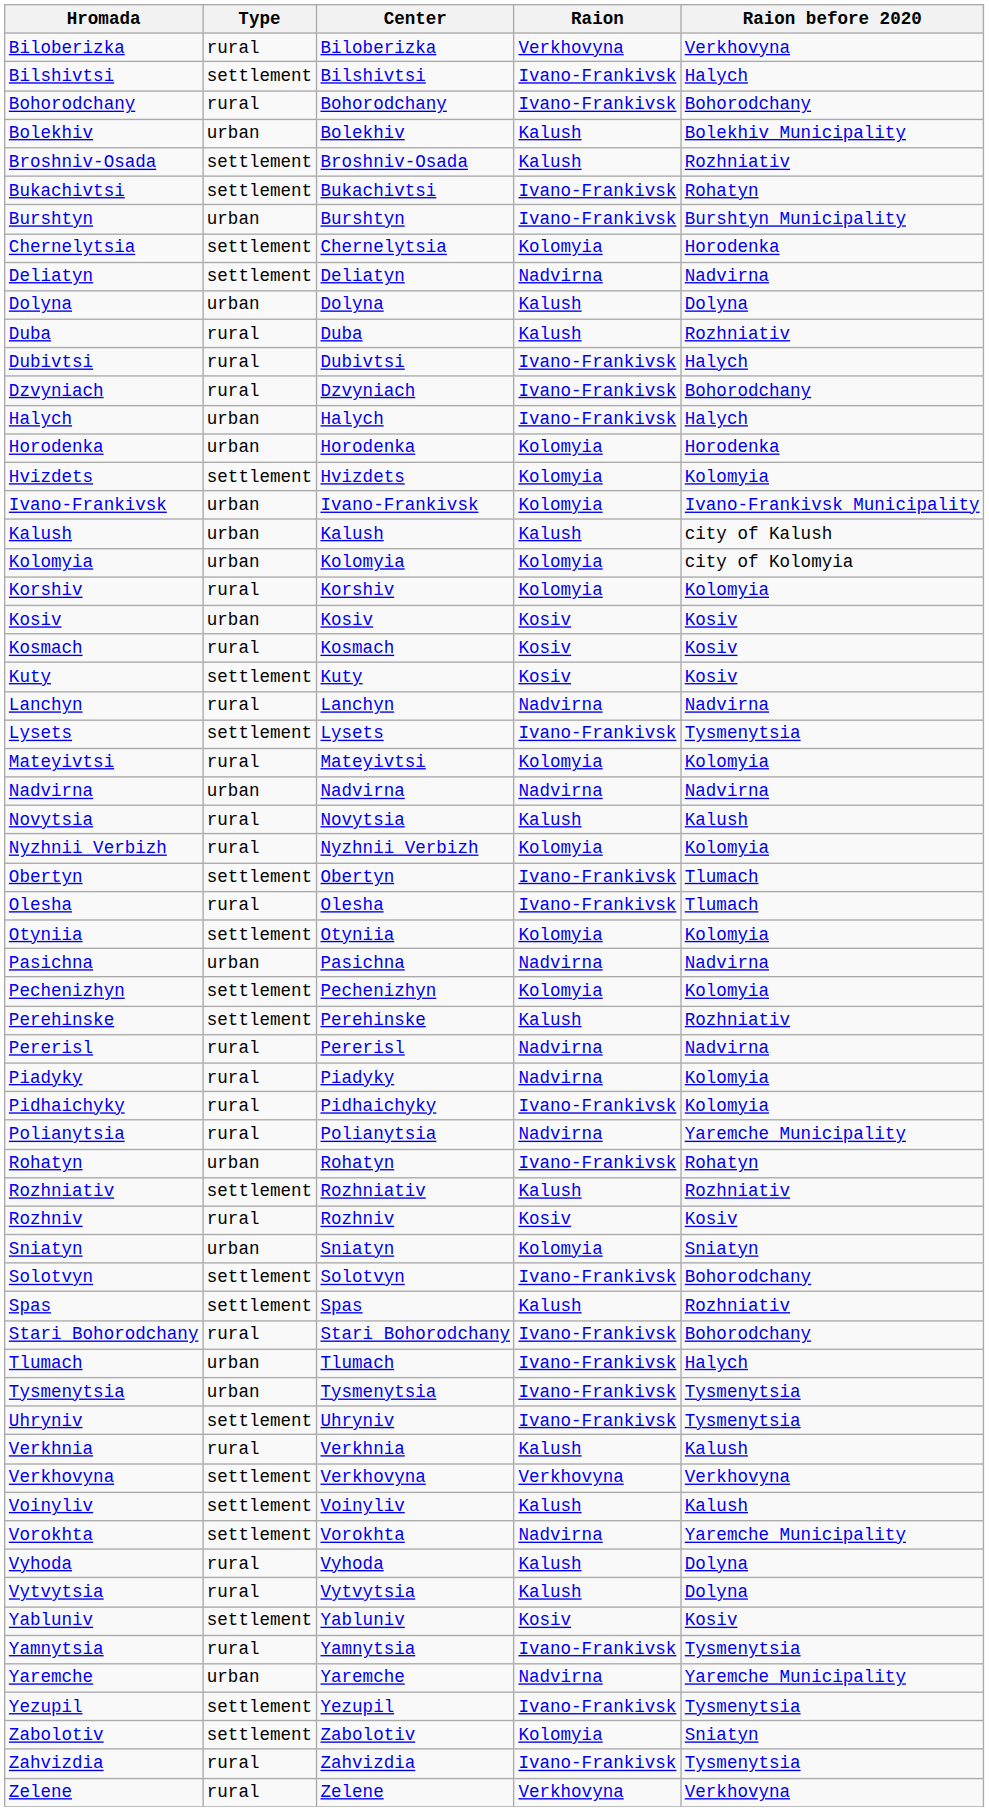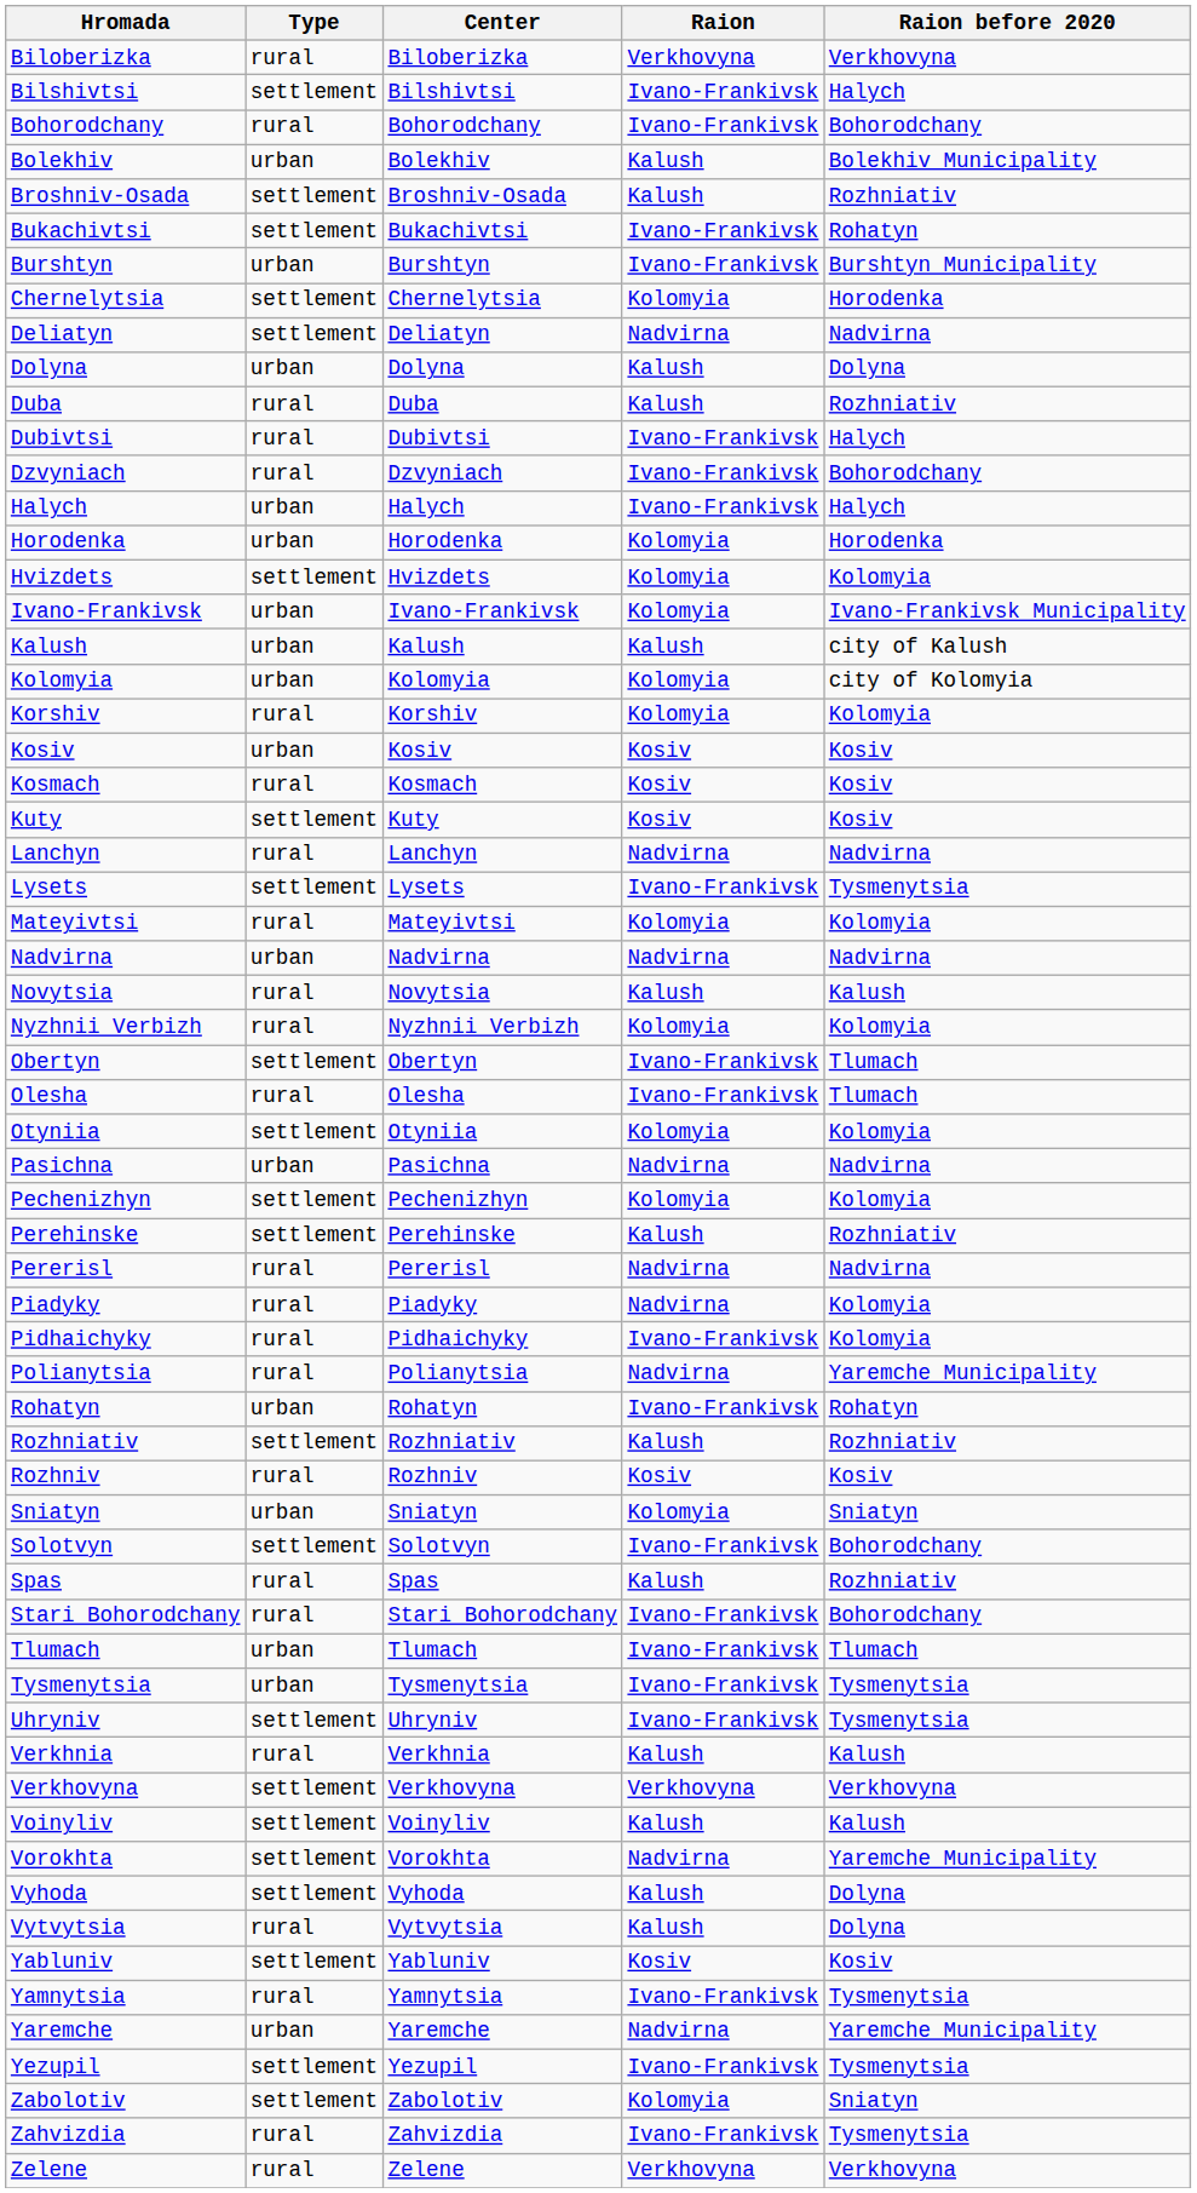 <table class='wikitable sortable'>
 <tr>
 <th>Hromada</th>
 <th>Type</th>
 <th>Center</th>
 <th>Raion</th>
 <th>Raion before 2020</th>
 </tr>
 <tr>
 <td><a href='#'>Biloberizka</a></td>
 <td>rural</td>
 <td><a href='#'>Biloberizka</a></td>
 <td><a href='#'>Verkhovyna</a></td>
 <td><a href='#'>Verkhovyna</a></td>
 </tr>
 <tr>
 <td><a href='#'>Bilshivtsi</a></td>
 <td>settlement</td>
 <td><a href='#'>Bilshivtsi</a></td>
 <td><a href='#'>Ivano-Frankivsk</a></td>
 <td><a href='#'>Halych</a></td>
 </tr>
 <tr>
 <td><a href='#'>Bohorodchany</a></td>
 <td>rural</td>
 <td><a href='#'>Bohorodchany</a></td>
 <td><a href='#'>Ivano-Frankivsk</a></td>
 <td><a href='#'>Bohorodchany</a></td>
 </tr>
 <tr>
 <td><a href='#'>Bolekhiv</a></td>
 <td>urban</td>
 <td><a href='#'>Bolekhiv</a></td>
 <td><a href='#'>Kalush</a></td>
 <td><a href='#'>Bolekhiv Municipality</a></td>
 </tr>
 <tr>
 <td><a href='#'>Broshniv-Osada</a></td>
 <td>settlement</td>
 <td><a href='#'>Broshniv-Osada</a></td>
 <td><a href='#'>Kalush</a></td>
 <td><a href='#'>Rozhniativ</a></td>
 </tr>
 <tr>
 <td><a href='#'>Bukachivtsi</a></td>
 <td>settlement</td>
 <td><a href='#'>Bukachivtsi</a></td>
 <td><a href='#'>Ivano-Frankivsk</a></td>
 <td><a href='#'>Rohatyn</a></td>
 </tr>
 <tr>
 <td><a href='#'>Burshtyn</a></td>
 <td>urban</td>
 <td><a href='#'>Burshtyn</a></td>
 <td><a href='#'>Ivano-Frankivsk</a></td>
 <td><a href='#'>Burshtyn Municipality</a></td>
 </tr>
 <tr>
 <td><a href='#'>Chernelytsia</a></td>
 <td>settlement</td>
 <td><a href='#'>Chernelytsia</a></td>
 <td><a href='#'>Kolomyia</a></td>
 <td><a href='#'>Horodenka</a></td>
 </tr>
 <tr>
 <td><a href='#'>Deliatyn</a></td>
 <td>settlement</td>
 <td><a href='#'>Deliatyn</a></td>
 <td><a href='#'>Nadvirna</a></td>
 <td><a href='#'>Nadvirna</a></td>
 </tr>
 <tr>
 <td><a href='#'>Dolyna</a></td>
 <td>urban</td>
 <td><a href='#'>Dolyna</a></td>
 <td><a href='#'>Kalush</a></td>
 <td><a href='#'>Dolyna</a></td>
 </tr>
 <tr>
 <td><a href='#'>Duba</a></td>
 <td>rural</td>
 <td><a href='#'>Duba</a></td>
 <td><a href='#'>Kalush</a></td>
 <td><a href='#'>Rozhniativ</a></td>
 </tr>
 <tr>
 <td><a href='#'>Dubivtsi</a></td>
 <td>rural</td>
 <td><a href='#'>Dubivtsi</a></td>
 <td><a href='#'>Ivano-Frankivsk</a></td>
 <td><a href='#'>Halych</a></td>
 </tr>
 <tr>
 <td><a href='#'>Dzvyniach</a></td>
 <td>rural</td>
 <td><a href='#'>Dzvyniach</a></td>
 <td><a href='#'>Ivano-Frankivsk</a></td>
 <td><a href='#'>Bohorodchany</a></td>
 </tr>
 <tr>
 <td><a href='#'>Halych</a></td>
 <td>urban</td>
 <td><a href='#'>Halych</a></td>
 <td><a href='#'>Ivano-Frankivsk</a></td>
 <td><a href='#'>Halych</a></td>
 </tr>
 <tr>
 <td><a href='#'>Horodenka</a></td>
 <td>urban</td>
 <td><a href='#'>Horodenka</a></td>
 <td><a href='#'>Kolomyia</a></td>
 <td><a href='#'>Horodenka</a></td>
 </tr>
 <tr>
 <td><a href='#'>Hvizdets</a></td>
 <td>settlement</td>
 <td><a href='#'>Hvizdets</a></td>
 <td><a href='#'>Kolomyia</a></td>
 <td><a href='#'>Kolomyia</a></td>
 </tr>
 <tr>
 <td><a href='#'>Ivano-Frankivsk</a></td>
 <td>urban</td>
 <td><a href='#'>Ivano-Frankivsk</a></td>
 <td><a href='#'>Kolomyia</a></td>
 <td><a href='#'>Ivano-Frankivsk Municipality</a></td>
 </tr>
 <tr>
 <td><a href='#'>Kalush</a></td>
 <td>urban</td>
 <td><a href='#'>Kalush</a></td>
 <td><a href='#'>Kalush</a></td>
 <td>city of Kalush</td>
 </tr>
 <tr>
 <td><a href='#'>Kolomyia</a></td>
 <td>urban</td>
 <td><a href='#'>Kolomyia</a></td>
 <td><a href='#'>Kolomyia</a></td>
 <td>city of Kolomyia</td>
 </tr>
 <tr>
 <td><a href='#'>Korshiv</a></td>
 <td>rural</td>
 <td><a href='#'>Korshiv</a></td>
 <td><a href='#'>Kolomyia</a></td>
 <td><a href='#'>Kolomyia</a></td>
 </tr>
 <tr>
 <td><a href='#'>Kosiv</a></td>
 <td>urban</td>
 <td><a href='#'>Kosiv</a></td>
 <td><a href='#'>Kosiv</a></td>
 <td><a href='#'>Kosiv</a></td>
 </tr>
 <tr>
 <td><a href='#'>Kosmach</a></td>
 <td>rural</td>
 <td><a href='#'>Kosmach</a></td>
 <td><a href='#'>Kosiv</a></td>
 <td><a href='#'>Kosiv</a></td>
 </tr>
 <tr>
 <td><a href='#'>Kuty</a></td>
 <td>settlement</td>
 <td><a href='#'>Kuty</a></td>
 <td><a href='#'>Kosiv</a></td>
 <td><a href='#'>Kosiv</a></td>
 </tr>
 <tr>
 <td><a href='#'>Lanchyn</a></td>
 <td>rural</td>
 <td><a href='#'>Lanchyn</a></td>
 <td><a href='#'>Nadvirna</a></td>
 <td><a href='#'>Nadvirna</a></td>
 </tr>
 <tr>
 <td><a href='#'>Lysets</a></td>
 <td>settlement</td>
 <td><a href='#'>Lysets</a></td>
 <td><a href='#'>Ivano-Frankivsk</a></td>
 <td><a href='#'>Tysmenytsia</a></td>
 </tr>
 <tr>
 <td><a href='#'>Mateyivtsi</a></td>
 <td>rural</td>
 <td><a href='#'>Mateyivtsi</a></td>
 <td><a href='#'>Kolomyia</a></td>
 <td><a href='#'>Kolomyia</a></td>
 </tr>
 <tr>
 <td><a href='#'>Nadvirna</a></td>
 <td>urban</td>
 <td><a href='#'>Nadvirna</a></td>
 <td><a href='#'>Nadvirna</a></td>
 <td><a href='#'>Nadvirna</a></td>
 </tr>
 <tr>
 <td><a href='#'>Novytsia</a></td>
 <td>rural</td>
 <td><a href='#'>Novytsia</a></td>
 <td><a href='#'>Kalush</a></td>
 <td><a href='#'>Kalush</a></td>
 </tr>
 <tr>
 <td><a href='#'>Nyzhnii Verbizh</a></td>
 <td>rural</td>
 <td><a href='#'>Nyzhnii Verbizh</a></td>
 <td><a href='#'>Kolomyia</a></td>
 <td><a href='#'>Kolomyia</a></td>
 </tr>
 <tr>
 <td><a href='#'>Obertyn</a></td>
 <td>settlement</td>
 <td><a href='#'>Obertyn</a></td>
 <td><a href='#'>Ivano-Frankivsk</a></td>
 <td><a href='#'>Tlumach</a></td>
 </tr>
 <tr>
 <td><a href='#'>Olesha</a></td>
 <td>rural</td>
 <td><a href='#'>Olesha</a></td>
 <td><a href='#'>Ivano-Frankivsk</a></td>
 <td><a href='#'>Tlumach</a></td>
 </tr>
 <tr>
 <td><a href='#'>Otyniia</a></td>
 <td>settlement</td>
 <td><a href='#'>Otyniia</a></td>
 <td><a href='#'>Kolomyia</a></td>
 <td><a href='#'>Kolomyia</a></td>
 </tr>
 <tr>
 <td><a href='#'>Pasichna</a></td>
 <td>urban</td>
 <td><a href='#'>Pasichna</a></td>
 <td><a href='#'>Nadvirna</a></td>
 <td><a href='#'>Nadvirna</a></td>
 </tr>
 <tr>
 <td><a href='#'>Pechenizhyn</a></td>
 <td>settlement</td>
 <td><a href='#'>Pechenizhyn</a></td>
 <td><a href='#'>Kolomyia</a></td>
 <td><a href='#'>Kolomyia</a></td>
 </tr>
 <tr>
 <td><a href='#'>Perehinske</a></td>
 <td>settlement</td>
 <td><a href='#'>Perehinske</a></td>
 <td><a href='#'>Kalush</a></td>
 <td><a href='#'>Rozhniativ</a></td>
 </tr>
 <tr>
 <td><a href='#'>Pererisl</a></td>
 <td>rural</td>
 <td><a href='#'>Pererisl</a></td>
 <td><a href='#'>Nadvirna</a></td>
 <td><a href='#'>Nadvirna</a></td>
 </tr>
 <tr>
 <td><a href='#'>Piadyky</a></td>
 <td>rural</td>
 <td><a href='#'>Piadyky</a></td>
 <td><a href='#'>Nadvirna</a></td>
 <td><a href='#'>Kolomyia</a></td>
 </tr>
 <tr>
 <td><a href='#'>Pidhaichyky</a></td>
 <td>rural</td>
 <td><a href='#'>Pidhaichyky</a></td>
 <td><a href='#'>Ivano-Frankivsk</a></td>
 <td><a href='#'>Kolomyia</a></td>
 </tr>
 <tr>
 <td><a href='#'>Polianytsia</a></td>
 <td>rural</td>
 <td><a href='#'>Polianytsia</a></td>
 <td><a href='#'>Nadvirna</a></td>
 <td><a href='#'>Yaremche Municipality</a></td>
 </tr>
 <tr>
 <td><a href='#'>Rohatyn</a></td>
 <td>urban</td>
 <td><a href='#'>Rohatyn</a></td>
 <td><a href='#'>Ivano-Frankivsk</a></td>
 <td><a href='#'>Rohatyn</a></td>
 </tr>
 <tr>
 <td><a href='#'>Rozhniativ</a></td>
 <td>settlement</td>
 <td><a href='#'>Rozhniativ</a></td>
 <td><a href='#'>Kalush</a></td>
 <td><a href='#'>Rozhniativ</a></td>
 </tr>
 <tr>
 <td><a href='#'>Rozhniv</a></td>
 <td>rural</td>
 <td><a href='#'>Rozhniv</a></td>
 <td><a href='#'>Kosiv</a></td>
 <td><a href='#'>Kosiv</a></td>
 </tr>
 <tr>
 <td><a href='#'>Sniatyn</a></td>
 <td>urban</td>
 <td><a href='#'>Sniatyn</a></td>
 <td><a href='#'>Kolomyia</a></td>
 <td><a href='#'>Sniatyn</a></td>
 </tr>
 <tr>
 <td><a href='#'>Solotvyn</a></td>
 <td>settlement</td>
 <td><a href='#'>Solotvyn</a></td>
 <td><a href='#'>Ivano-Frankivsk</a></td>
 <td><a href='#'>Bohorodchany</a></td>
 </tr>
 <tr>
 <td><a href='#'>Spas</a></td>
-<td>settlement</td>
+<td>rural</td>
 <td><a href='#'>Spas</a></td>
 <td><a href='#'>Kalush</a></td>
 <td><a href='#'>Rozhniativ</a></td>
 </tr>
 <tr>
 <td><a href='#'>Stari Bohorodchany</a></td>
 <td>rural</td>
 <td><a href='#'>Stari Bohorodchany</a></td>
 <td><a href='#'>Ivano-Frankivsk</a></td>
 <td><a href='#'>Bohorodchany</a></td>
 </tr>
 <tr>
 <td><a href='#'>Tlumach</a></td>
 <td>urban</td>
 <td><a href='#'>Tlumach</a></td>
 <td><a href='#'>Ivano-Frankivsk</a></td>
-<td><a href='#'>Halych</a></td>
+<td><a href='#'>Tlumach</a></td>
 </tr>
 <tr>
 <td><a href='#'>Tysmenytsia</a></td>
 <td>urban</td>
 <td><a href='#'>Tysmenytsia</a></td>
 <td><a href='#'>Ivano-Frankivsk</a></td>
 <td><a href='#'>Tysmenytsia</a></td>
 </tr>
 <tr>
 <td><a href='#'>Uhryniv</a></td>
 <td>settlement</td>
 <td><a href='#'>Uhryniv</a></td>
 <td><a href='#'>Ivano-Frankivsk</a></td>
 <td><a href='#'>Tysmenytsia</a></td>
 </tr>
 <tr>
 <td><a href='#'>Verkhnia</a></td>
 <td>rural</td>
 <td><a href='#'>Verkhnia</a></td>
 <td><a href='#'>Kalush</a></td>
 <td><a href='#'>Kalush</a></td>
 </tr>
 <tr>
 <td><a href='#'>Verkhovyna</a></td>
 <td>settlement</td>
 <td><a href='#'>Verkhovyna</a></td>
 <td><a href='#'>Verkhovyna</a></td>
 <td><a href='#'>Verkhovyna</a></td>
 </tr>
 <tr>
 <td><a href='#'>Voinyliv</a></td>
 <td>settlement</td>
 <td><a href='#'>Voinyliv</a></td>
 <td><a href='#'>Kalush</a></td>
 <td><a href='#'>Kalush</a></td>
 </tr>
 <tr>
 <td><a href='#'>Vorokhta</a></td>
 <td>settlement</td>
 <td><a href='#'>Vorokhta</a></td>
 <td><a href='#'>Nadvirna</a></td>
 <td><a href='#'>Yaremche Municipality</a></td>
 </tr>
 <tr>
 <td><a href='#'>Vyhoda</a></td>
-<td>rural</td>
+<td>settlement</td>
 <td><a href='#'>Vyhoda</a></td>
 <td><a href='#'>Kalush</a></td>
 <td><a href='#'>Dolyna</a></td>
 </tr>
 <tr>
 <td><a href='#'>Vytvytsia</a></td>
 <td>rural</td>
 <td><a href='#'>Vytvytsia</a></td>
 <td><a href='#'>Kalush</a></td>
 <td><a href='#'>Dolyna</a></td>
 </tr>
 <tr>
 <td><a href='#'>Yabluniv</a></td>
 <td>settlement</td>
 <td><a href='#'>Yabluniv</a></td>
 <td><a href='#'>Kosiv</a></td>
 <td><a href='#'>Kosiv</a></td>
 </tr>
 <tr>
 <td><a href='#'>Yamnytsia</a></td>
 <td>rural</td>
 <td><a href='#'>Yamnytsia</a></td>
 <td><a href='#'>Ivano-Frankivsk</a></td>
 <td><a href='#'>Tysmenytsia</a></td>
 </tr>
 <tr>
 <td><a href='#'>Yaremche</a></td>
 <td>urban</td>
 <td><a href='#'>Yaremche</a></td>
 <td><a href='#'>Nadvirna</a></td>
 <td><a href='#'>Yaremche Municipality</a></td>
 </tr>
 <tr>
 <td><a href='#'>Yezupil</a></td>
 <td>settlement</td>
 <td><a href='#'>Yezupil</a></td>
 <td><a href='#'>Ivano-Frankivsk</a></td>
 <td><a href='#'>Tysmenytsia</a></td>
 </tr>
 <tr>
 <td><a href='#'>Zabolotiv</a></td>
 <td>settlement</td>
 <td><a href='#'>Zabolotiv</a></td>
 <td><a href='#'>Kolomyia</a></td>
 <td><a href='#'>Sniatyn</a></td>
 </tr>
 <tr>
 <td><a href='#'>Zahvizdia</a></td>
 <td>rural</td>
 <td><a href='#'>Zahvizdia</a></td>
 <td><a href='#'>Ivano-Frankivsk</a></td>
 <td><a href='#'>Tysmenytsia</a></td>
 </tr>
 <tr>
 <td><a href='#'>Zelene</a></td>
 <td>rural</td>
 <td><a href='#'>Zelene</a></td>
 <td><a href='#'>Verkhovyna</a></td>
 <td><a href='#'>Verkhovyna</a></td>
 </tr>
 </table>
